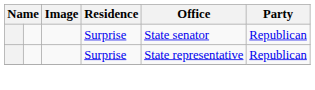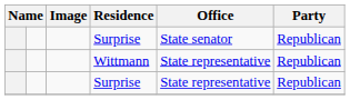 <table class="sortable wikitable">
 <tr valign=bottom>
 <th colspan="2">Name</th>
 <th>Image</th>
 <th>Residence</th>
 <th>Office</th>
 <th>Party</th>
 </tr>
 <tr>
 <th style="background-color:  "></th>
 <td></td>
 <td></td>
 <td><a href='#'>Surprise</a></td>
 <td><a href='#'>State senator</a></td>
 <td><a href='#'>Republican</a></td>
 </tr>
 <tr>
 <th style="background-color:  "></th>
 <td></td>
 <td></td>
+<td><a href='#'>Wittmann</a></td>
+<td><a href='#'>State representative</a></td>
+<td><a href='#'>Republican</a></td>
+</tr>
+<tr>
+<th style="background-color:  "></th>
+<td></td>
+<td></td>
 <td><a href='#'>Surprise</a></td>
 <td><a href='#'>State representative</a></td>
 <td><a href='#'>Republican</a></td>
 </tr>
 <tr>
 </tr>
 </table>
